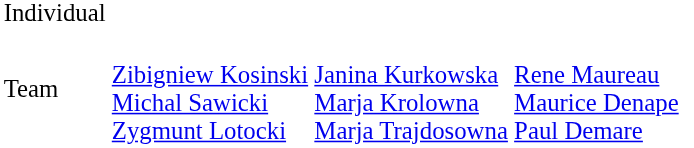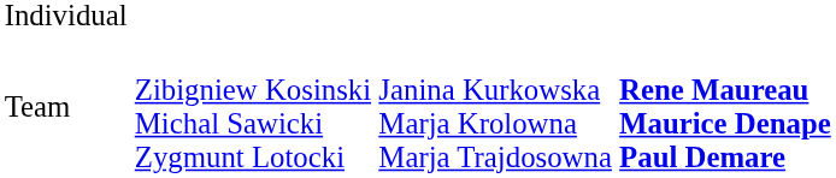 <table>
 <tr>
 <td>Individual</td>
 <td></td>
 <td></td>
 <td></td>
 </tr>
 <tr>
 <td>Team</td>
 <td> <br> <a href='#'>Zibigniew Kosinski</a> <br> <a href='#'>Michal Sawicki</a> <br> <a href='#'>Zygmunt Lotocki</a></td>
 <td> <br> <a href='#'>Janina Kurkowska</a> <br> <a href='#'>Marja Krolowna</a> <br> <a href='#'>Marja Trajdosowna</a></td>
-<td> <br> <a href='#'>Rene Maureau</a> <br> <a href='#'>Maurice Denape</a> <br> <a href='#'>Paul Demare</a></td>
+<td><strong> <br> <a href='#'>Rene Maureau</a> <br> <a href='#'>Maurice Denape</a> <br> <a href='#'>Paul Demare</a></strong></td>
 </tr>
 <tr>
 </tr>
 </table>
